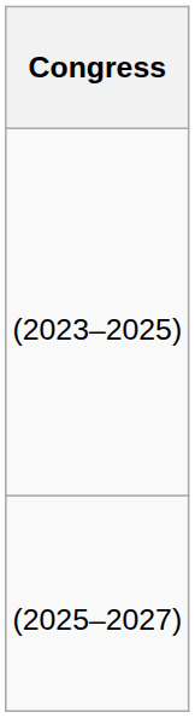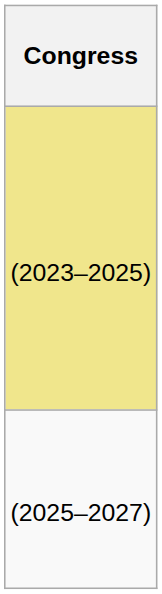 <table class="wikitable" style="float:left; margin:0; margin-right:-0.5px; margin-top:14px; text-align:center;">
 <tr style="white-space:nowrap; height:4.08em;">
 <th>Congress</th>
 </tr>
 <tr style="white-space:nowrap; height:12.22em">
-<td><strong></strong><br>(2023–2025)</td>
+<td style="background: khaki;"><strong></strong><br>(2023–2025)</td>
 </tr>
 <tr style="white-space:nowrap; height:7.21em">
 <td><strong></strong><br>(2025–2027)</td>
 </tr>
 </table>
